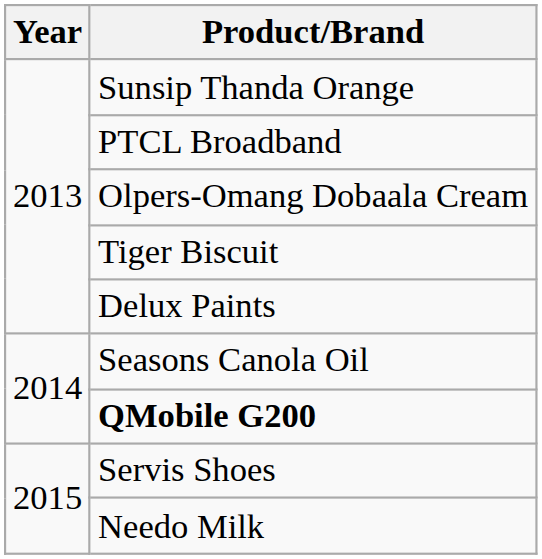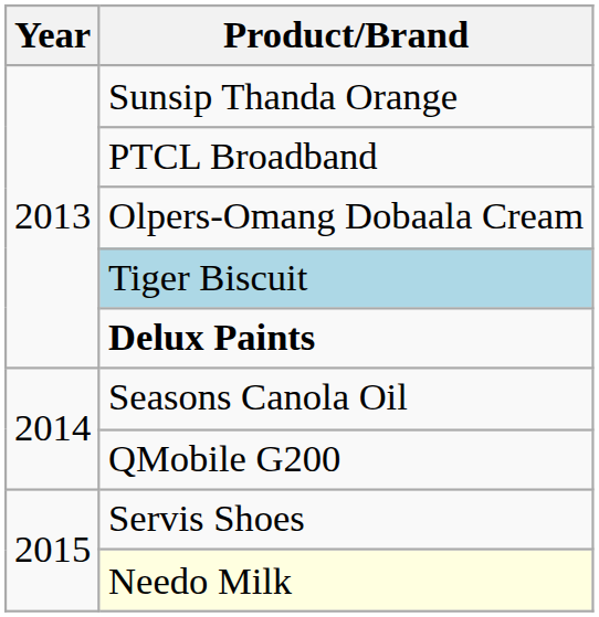 <table class="wikitable">
 <tr>
 <th>Year</th>
 <th>Product/Brand</th>
 </tr>
 <tr>
 <td rowspan="5">2013</td>
 <td>Sunsip Thanda Orange</td>
 </tr>
 <tr>
 <td>PTCL Broadband</td>
 </tr>
 <tr>
 <td>Olpers-Omang Dobaala Cream</td>
 </tr>
 <tr>
-<td>Tiger Biscuit</td>
+<td style="background: lightblue;">Tiger Biscuit</td>
 </tr>
 <tr>
-<td>Delux Paints</td>
+<td><strong>Delux Paints</strong></td>
 </tr>
 <tr>
 <td rowspan="2">2014</td>
 <td>Seasons Canola Oil</td>
 </tr>
 <tr>
-<td><strong>QMobile G200</strong></td>
+<td>QMobile G200</td>
 </tr>
 <tr>
 <td rowspan="2">2015</td>
 <td>Servis Shoes</td>
 </tr>
 <tr>
-<td>Needo Milk</td>
+<td style="background: lightyellow;">Needo Milk</td>
 </tr>
 </table>
